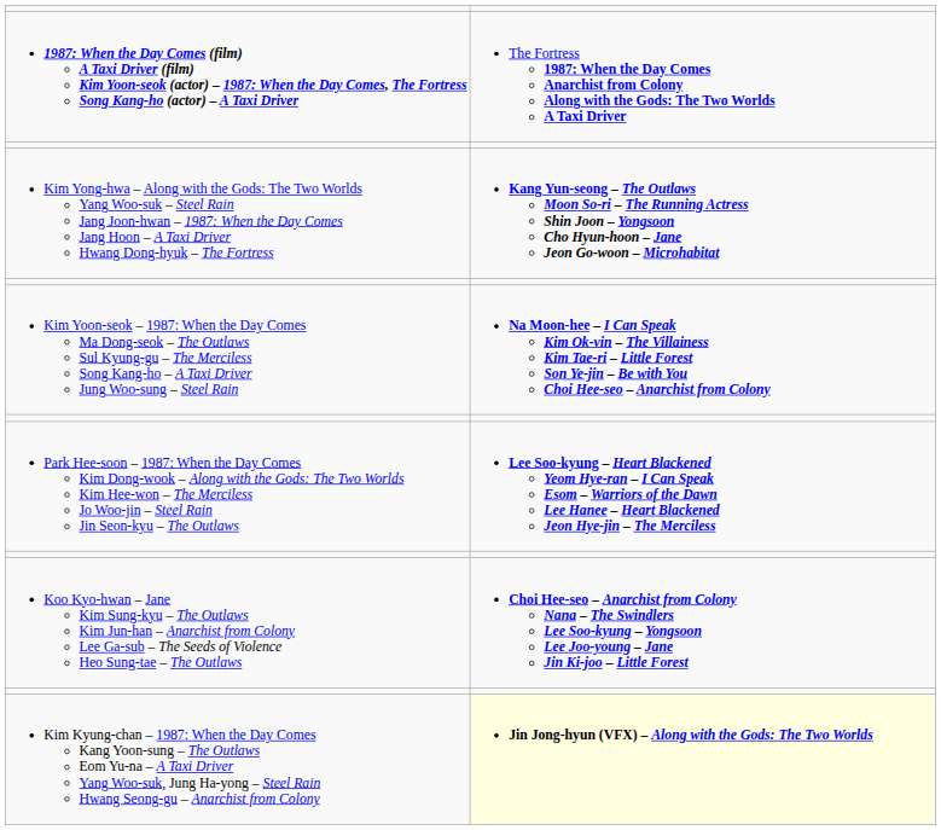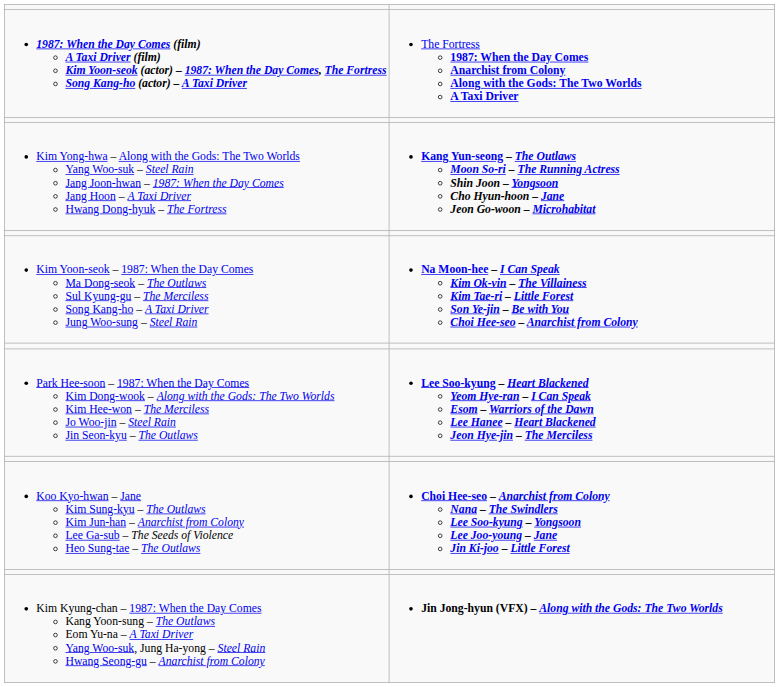 <table class="wikitable" align="center">
 <tr>
 <td style="vertical-align:top; width:50%;"></td>
 <td style="vertical-align:top; width:50%;"></td>
 </tr>
 <tr>
 <td valign="top"><br><ul><li><strong><em><a href='#'>1987: When the Day Comes</a><em> (film)<strong><ul><li></em><a href='#'>A Taxi Driver</a><em> (film)</li><li><a href='#'>Kim Yoon-seok</a> (actor) – </em><a href='#'>1987: When the Day Comes</a><em>, </em><a href='#'>The Fortress</a><em></li><li><a href='#'>Song Kang-ho</a> (actor) – </em><a href='#'>A Taxi Driver</a><em></li></ul></li></ul></td>
 <td valign="top"><br><ul><li></em></strong><a href='#'>The Fortress</a><strong><em><ul><li></em><a href='#'>1987: When the Day Comes</a><em></li><li></em><a href='#'>Anarchist from Colony</a><em></li><li></em><a href='#'>Along with the Gods: The Two Worlds</a><em></li><li></em><a href='#'>A Taxi Driver</a><em></li></ul></li></ul></td>
 </tr>
 <tr>
 <td style="vertical-align:top; width:50%;"></td>
 <td style="vertical-align:top; width:50%;"></td>
 </tr>
 <tr>
 <td valign="top"><br><ul><li></strong><a href='#'>Kim Yong-hwa</a> – </em><a href='#'>Along with the Gods: The Two Worlds</a></em></strong><ul><li><a href='#'>Yang Woo-suk</a> – <em><a href='#'>Steel Rain</a></em></li><li><a href='#'>Jang Joon-hwan</a> – <em><a href='#'>1987: When the Day Comes</a></em></li><li><a href='#'>Jang Hoon</a> – <em><a href='#'>A Taxi Driver</a></em></li><li><a href='#'>Hwang Dong-hyuk</a> – <em><a href='#'>The Fortress</a></em></li></ul></li></ul></td>
 <td valign="top"><br><ul><li><strong><a href='#'>Kang Yun-seong</a> – <em><a href='#'>The Outlaws</a><strong><em><ul><li><a href='#'>Moon So-ri</a> – </em><a href='#'>The Running Actress</a><em></li><li>Shin Joon – </em><a href='#'>Yongsoon</a><em></li><li>Cho Hyun-hoon – </em><a href='#'>Jane</a><em></li><li>Jeon Go-woon – </em><a href='#'>Microhabitat</a><em></li></ul></li></ul></td>
 </tr>
 <tr>
 <td style="vertical-align:top; width:50%;"></td>
 <td style="vertical-align:top; width:50%;"></td>
 </tr>
 <tr>
 <td valign="top"><br><ul><li></strong><a href='#'>Kim Yoon-seok</a> – </em><a href='#'>1987: When the Day Comes</a></em></strong><ul><li><a href='#'>Ma Dong-seok</a> – <em><a href='#'>The Outlaws</a></em></li><li><a href='#'>Sul Kyung-gu</a> – <em><a href='#'>The Merciless</a></em></li><li><a href='#'>Song Kang-ho</a> – <em><a href='#'>A Taxi Driver</a></em></li><li><a href='#'>Jung Woo-sung</a> – <em><a href='#'>Steel Rain</a></em></li></ul></li></ul></td>
 <td valign="top"><br><ul><li><strong><a href='#'>Na Moon-hee</a> – <em><a href='#'>I Can Speak</a><strong><em><ul><li><a href='#'>Kim Ok-vin</a> – </em><a href='#'>The Villainess</a><em></li><li><a href='#'>Kim Tae-ri</a> – </em><a href='#'>Little Forest</a><em></li><li><a href='#'>Son Ye-jin</a> – </em><a href='#'>Be with You</a><em></li><li><a href='#'>Choi Hee-seo</a> – </em><a href='#'>Anarchist from Colony</a><em></li></ul></li></ul></td>
 </tr>
 <tr>
 <td style="vertical-align:top; width:50%;"></td>
 <td style="vertical-align:top; width:50%;"></td>
 </tr>
 <tr>
 <td valign="top"><br><ul><li></strong><a href='#'>Park Hee-soon</a> – </em><a href='#'>1987: When the Day Comes</a></em></strong><ul><li><a href='#'>Kim Dong-wook</a> – <em><a href='#'>Along with the Gods: The Two Worlds</a></em></li><li><a href='#'>Kim Hee-won</a> – <em><a href='#'>The Merciless</a></em></li><li><a href='#'>Jo Woo-jin</a> – <em><a href='#'>Steel Rain</a></em></li><li><a href='#'>Jin Seon-kyu</a> – <em><a href='#'>The Outlaws</a></em></li></ul></li></ul></td>
 <td valign="top"><br><ul><li><strong><a href='#'>Lee Soo-kyung</a> – <em><a href='#'>Heart Blackened</a><strong><em><ul><li><a href='#'>Yeom Hye-ran</a> – </em><a href='#'>I Can Speak</a><em></li><li><a href='#'>Esom</a> – </em><a href='#'>Warriors of the Dawn</a><em></li><li><a href='#'>Lee Hanee</a> – </em><a href='#'>Heart Blackened</a><em></li><li><a href='#'>Jeon Hye-jin</a> – </em><a href='#'>The Merciless</a><em></li></ul></li></ul></td>
 </tr>
 <tr>
 <td style="vertical-align:top; width:50%;"></td>
 <td style="vertical-align:top; width:50%;"></td>
 </tr>
 <tr>
 <td valign="top"><br><ul><li></strong><a href='#'>Koo Kyo-hwan</a> – </em><a href='#'>Jane</a></em></strong><ul><li><a href='#'>Kim Sung-kyu</a> – <em><a href='#'>The Outlaws</a></em></li><li><a href='#'>Kim Jun-han</a> – <em><a href='#'>Anarchist from Colony</a></em></li><li><a href='#'>Lee Ga-sub</a> – <em>The Seeds of Violence</em></li><li><a href='#'>Heo Sung-tae</a> – <em><a href='#'>The Outlaws</a></em></li></ul></li></ul></td>
 <td valign="top"><br><ul><li><strong><a href='#'>Choi Hee-seo</a> – <em><a href='#'>Anarchist from Colony</a><strong><em><ul><li><a href='#'>Nana</a> – </em><a href='#'>The Swindlers</a><em></li><li><a href='#'>Lee Soo-kyung</a> – </em><a href='#'>Yongsoon</a><em></li><li><a href='#'>Lee Joo-young</a> – </em><a href='#'>Jane</a><em></li><li><a href='#'>Jin Ki-joo</a> – </em><a href='#'>Little Forest</a><em></li></ul></li></ul></td>
 </tr>
 <tr>
 <td style="vertical-align:top; width:50%;"></td>
 <td style="vertical-align:top; width:50%;"></td>
 </tr>
 <tr>
 <td valign="top"><br><ul><li></strong>Kim Kyung-chan – </em><a href='#'>1987: When the Day Comes</a></em></strong><ul><li>Kang Yoon-sung – <em><a href='#'>The Outlaws</a></em></li><li>Eom Yu-na – <em><a href='#'>A Taxi Driver</a></em></li><li><a href='#'>Yang Woo-suk</a>, Jung Ha-yong – <em><a href='#'>Steel Rain</a></em></li><li><a href='#'>Hwang Seong-gu</a> – <em><a href='#'>Anarchist from Colony</a></em></li></ul></li></ul></td>
-<td valign="top" style="background: lightyellow;"><br><ul><li><strong>Jin Jong-hyun (VFX) – <em><a href='#'>Along with the Gods: The Two Worlds</a><strong><em></li></ul></td>
+<td valign="top"><br><ul><li><strong>Jin Jong-hyun (VFX) – <em><a href='#'>Along with the Gods: The Two Worlds</a><strong><em></li></ul></td>
 </tr>
 </table>
